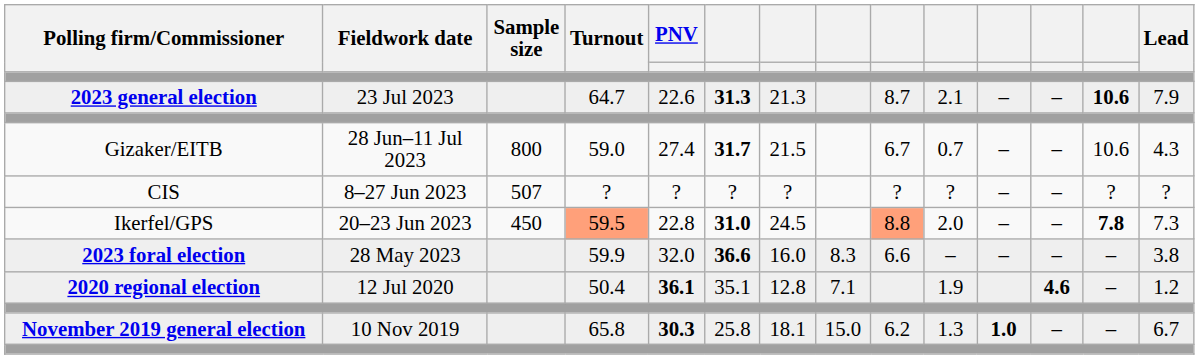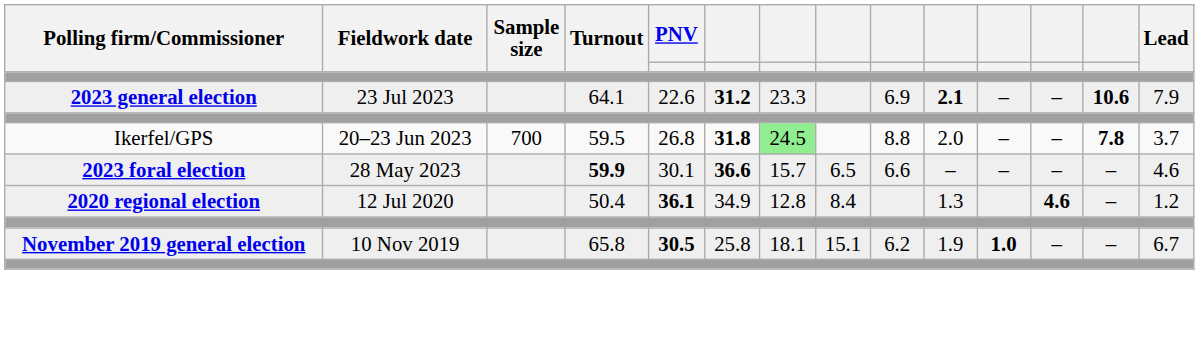 <table class="wikitable collapsible collapsed" style="text-align:center; font-size:95%; line-height:16px;">
 <tr style="height:42px;">
 <th style="width:250px;" rowspan="2">Polling firm/Commissioner</th>
 <th style="width:125px;" rowspan="2">Fieldwork date</th>
 <th style="width:50px;" rowspan="2">Sample size</th>
 <th style="width:45px;" rowspan="2">Turnout</th>
 <th style="width:35px;"><a href='#'>PNV</a></th>
 <th style="width:35px;"></th>
 <th style="width:35px;"></th>
 <th style="width:35px;"></th>
 <th style="width:35px;"></th>
 <th style="width:35px;"></th>
 <th style="width:35px;"></th>
 <th style="width:35px;"></th>
 <th style="width:35px;"></th>
 <th style="width:30px;" rowspan="2">Lead</th>
 </tr>
 <tr>
 <th style="color:inherit;background:"></th>
 <th style="color:inherit;background:"></th>
 <th style="color:inherit;background:"></th>
 <th style="color:inherit;background:"></th>
 <th style="color:inherit;background:"></th>
 <th style="color:inherit;background:"></th>
 <th style="color:inherit;background:"></th>
 <th style="color:inherit;background:"></th>
 <th style="color:inherit;background:"></th>
 </tr>
 <tr>
 <td colspan="14" style="background:#A0A0A0"></td>
 </tr>
 <tr style="background:#EFEFEF;">
 <td><strong><a href='#'>2023 general election</a></strong></td>
 <td>23 Jul 2023</td>
 <td></td>
-<td>64.7</td>
+<td>64.1</td>
 <td>22.6<br></td>
-<td><strong>31.3</strong><br></td>
-<td>21.3<br></td>
+<td><strong>31.2</strong><br></td>
+<td>23.3<br></td>
 <td></td>
-<td>8.7<br></td>
-<td>2.1<br></td>
+<td>6.9<br></td>
+<td><strong>2.1<br></strong></td>
 <td>–</td>
 <td>–</td>
 <td><strong>10.6<br></strong></td>
 <td style="background:">7.9</td>
 </tr>
 <tr>
 <td colspan="14" style="background:#A0A0A0"></td>
 </tr>
 <tr>
-<td>Gizaker/EITB</td>
-<td>28 Jun–11 Jul 2023</td>
-<td>800</td>
-<td>59.0</td>
-<td>27.4<br></td>
-<td><strong>31.7</strong><br></td>
-<td>21.5<br></td>
-<td></td>
-<td>6.7<br></td>
-<td>0.7<br></td>
-<td>–</td>
-<td>–</td>
-<td>10.6<br></td>
-<td style="background:">4.3</td>
-</tr>
-<tr>
-<td>CIS</td>
-<td>8–27 Jun 2023</td>
-<td>507</td>
-<td>?</td>
-<td>?<br></td>
-<td>?<br></td>
-<td>?<br></td>
-<td></td>
-<td>?<br></td>
-<td>?<br></td>
-<td>–</td>
-<td>–</td>
-<td>?<br></td>
-<td style="background:">?</td>
-</tr>
-<tr>
 <td>Ikerfel/GPS</td>
 <td>20–23 Jun 2023</td>
-<td>450</td>
-<td style="background: lightsalmon;">59.5</td>
-<td>22.8<br></td>
-<td><strong>31.0</strong><br></td>
-<td>24.5<br></td>
+<td>700</td>
+<td>59.5</td>
+<td>26.8<br></td>
+<td><strong>31.8</strong><br></td>
+<td style="background: lightgreen;">24.5<br></td>
 <td></td>
-<td style="background: lightsalmon;">8.8<br></td>
+<td>8.8<br></td>
 <td>2.0<br></td>
 <td>–</td>
 <td>–</td>
 <td><strong>7.8<br></strong></td>
-<td style="background:">7.3</td>
+<td style="background:">3.7</td>
 </tr>
 <tr style="background:#EFEFEF;">
 <td><strong><a href='#'>2023 foral election</a></strong></td>
 <td>28 May 2023</td>
 <td></td>
-<td>59.9</td>
-<td>32.0<br></td>
+<td><strong>59.9</strong></td>
+<td>30.1<br></td>
 <td><strong>36.6</strong><br></td>
-<td>16.0<br></td>
-<td>8.3<br></td>
+<td>15.7<br></td>
+<td>6.5<br></td>
 <td>6.6<br></td>
 <td>–</td>
 <td>–</td>
 <td>–</td>
 <td>–</td>
-<td style="background:">3.8</td>
+<td style="background:">4.6</td>
 </tr>
 <tr style="background:#EFEFEF;">
 <td><strong><a href='#'>2020 regional election</a></strong></td>
 <td>12 Jul 2020</td>
 <td></td>
 <td>50.4</td>
 <td><strong>36.1</strong><br></td>
-<td>35.1<br></td>
+<td>34.9<br></td>
 <td>12.8<br></td>
-<td>7.1<br></td>
+<td>8.4<br></td>
 <td></td>
-<td>1.9<br></td>
+<td>1.3<br></td>
 <td></td>
 <td><strong>4.6<br></strong></td>
 <td>–</td>
 <td style="background:">1.2</td>
 </tr>
 <tr>
 <td colspan="14" style="background:#A0A0A0"></td>
 </tr>
 <tr style="background:#EFEFEF;">
 <td><strong><a href='#'>November 2019 general election</a></strong></td>
 <td>10 Nov 2019</td>
 <td></td>
 <td>65.8</td>
-<td><strong>30.3</strong><br></td>
+<td><strong>30.5</strong><br></td>
 <td>25.8<br></td>
 <td>18.1<br></td>
-<td>15.0<br></td>
+<td>15.1<br></td>
 <td>6.2<br></td>
-<td>1.3<br></td>
+<td>1.9<br></td>
 <td><strong>1.0<br></strong></td>
 <td>–</td>
 <td>–</td>
 <td style="background:">6.7</td>
 </tr>
 <tr>
 <td colspan="14" style="background:#A0A0A0"></td>
 </tr>
 </table>
